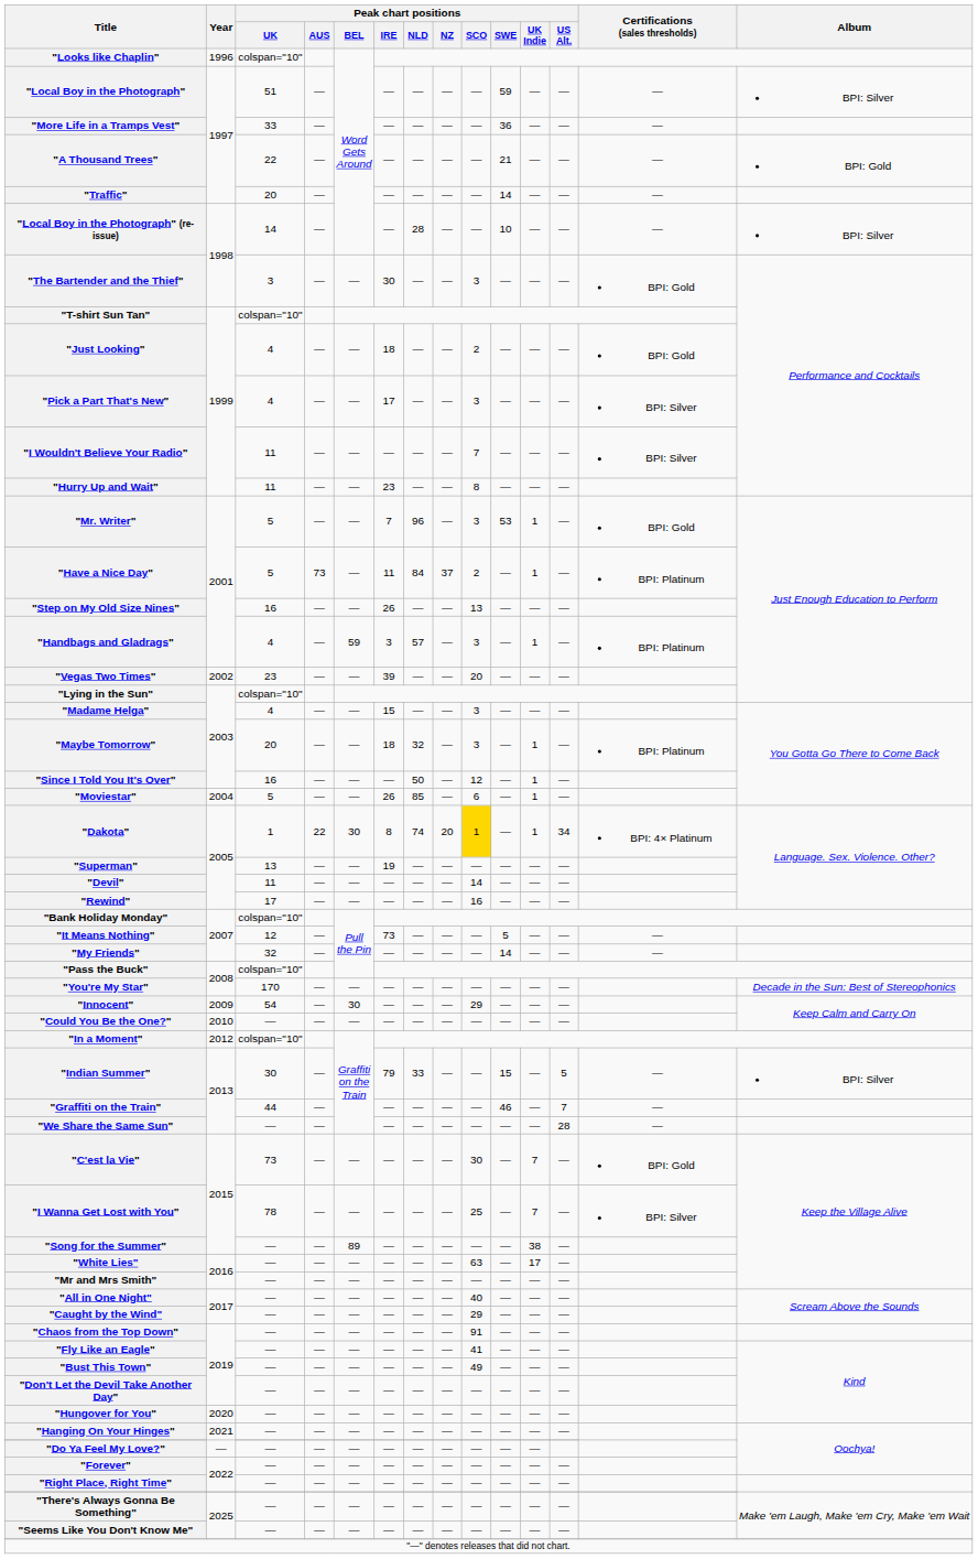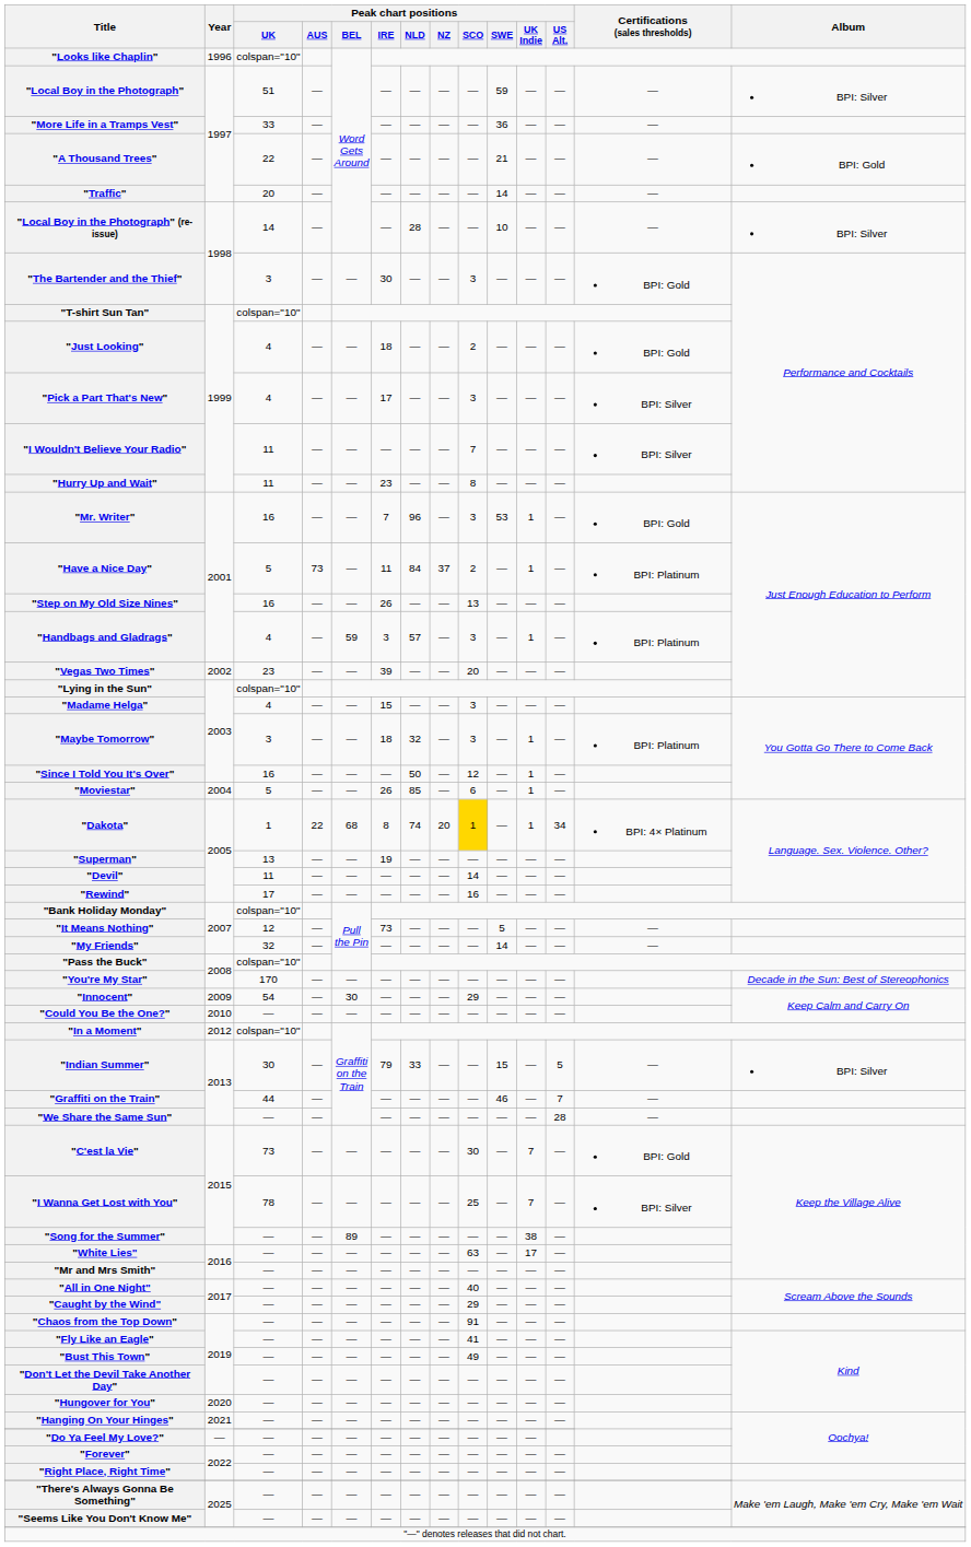 <table class="wikitable plainrowheaders" style="text-align:center;">
 <tr>
 <th scope="col" rowspan="2" style="width:18em;">Title</th>
 <th scope="col" rowspan="2">Year</th>
 <th scope="col" colspan="10">Peak chart positions</th>
 <th scope="col" rowspan="2" style="width:14em;">Certifications<br><small>(sales thresholds)</small></th>
 <th scope="col" rowspan="2">Album</th>
 </tr>
 <tr>
 <th scope="col" style="width:2.5em; font-size:90%;"><a href='#'>UK</a><br></th>
 <th scope="col" style="width:2.5em; font-size:90%;"><a href='#'>AUS</a><br></th>
 <th scope="col" style="width:2.5em; font-size:90%;"><a href='#'>BEL</a><br></th>
 <th scope="col" style="width:2.5em; font-size:90%;"><a href='#'>IRE</a><br></th>
 <th scope="col" style="width:2.5em; font-size:90%;"><a href='#'>NLD</a><br></th>
 <th scope="col" style="width:2.5em; font-size:90%;"><a href='#'>NZ</a><br></th>
 <th scope="col" style="width:2.5em; font-size:90%;"><a href='#'>SCO</a></th>
 <th scope="col" style="width:2.5em; font-size:90%;"><a href='#'>SWE</a><br></th>
 <th scope="col" style="width:2.5em; font-size:90%;"><a href='#'>UK Indie</a></th>
 <th scope="col" style="width:2.5em; font-size:90%;"><a href='#'>US Alt.</a></th>
 </tr>
 <tr>
 <th scope="row">"<a href='#'>Looks like Chaplin</a>"</th>
 <td>1996</td>
 <td>colspan="10" </td>
 <td></td>
 <td rowspan="6"><em><a href='#'>Word Gets Around</a></em></td>
 </tr>
 <tr>
 <th scope="row">"<a href='#'>Local Boy in the Photograph</a>"</th>
 <td rowspan="4">1997</td>
 <td>51</td>
 <td>—</td>
 <td>—</td>
 <td>—</td>
 <td>—</td>
 <td>—</td>
 <td>59</td>
 <td>—</td>
 <td>—</td>
 <td>—</td>
 <td><br><ul><li>BPI: Silver</li></ul></td>
 </tr>
 <tr>
 <th scope="row">"<a href='#'>More Life in a Tramps Vest</a>"</th>
 <td>33</td>
 <td>—</td>
 <td>—</td>
 <td>—</td>
 <td>—</td>
 <td>—</td>
 <td>36</td>
 <td>—</td>
 <td>—</td>
 <td>—</td>
 <td></td>
 </tr>
 <tr>
 <th scope="row">"<a href='#'>A Thousand Trees</a>"</th>
 <td>22</td>
 <td>—</td>
 <td>—</td>
 <td>—</td>
 <td>—</td>
 <td>—</td>
 <td>21</td>
 <td>—</td>
 <td>—</td>
 <td>—</td>
 <td><br><ul><li>BPI: Gold</li></ul></td>
 </tr>
 <tr>
 <th scope="row">"<a href='#'>Traffic</a>"</th>
 <td>20</td>
 <td>—</td>
 <td>—</td>
 <td>—</td>
 <td>—</td>
 <td>—</td>
 <td>14</td>
 <td>—</td>
 <td>—</td>
 <td>—</td>
 </tr>
 <tr>
 <th scope="row">"<a href='#'>Local Boy in the Photograph</a>" <small>(re-issue)</small></th>
 <td rowspan="2">1998</td>
 <td>14</td>
 <td>—</td>
 <td>—</td>
 <td>28</td>
 <td>—</td>
 <td>—</td>
 <td>10</td>
 <td>—</td>
 <td>—</td>
 <td>—</td>
 <td><br><ul><li>BPI: Silver</li></ul></td>
 </tr>
 <tr>
 <th scope="row">"<a href='#'>The Bartender and the Thief</a>"</th>
 <td>3</td>
 <td>—</td>
 <td>—</td>
 <td>30</td>
 <td>—</td>
 <td>—</td>
 <td>3</td>
 <td>—</td>
 <td>—</td>
 <td>—</td>
 <td><br><ul><li>BPI: Gold</li></ul></td>
 <td rowspan="6"><em><a href='#'>Performance and Cocktails</a></em></td>
 </tr>
 <tr>
 <th scope="row">"T-shirt Sun Tan"</th>
 <td rowspan="5">1999</td>
 <td>colspan="10" </td>
 <td></td>
 </tr>
 <tr>
 <th scope="row">"<a href='#'>Just Looking</a>"</th>
 <td>4</td>
 <td>—</td>
 <td>—</td>
 <td>18</td>
 <td>—</td>
 <td>—</td>
 <td>2</td>
 <td>—</td>
 <td>—</td>
 <td>—</td>
 <td><br><ul><li>BPI: Gold</li></ul></td>
 </tr>
 <tr>
 <th scope="row">"<a href='#'>Pick a Part That's New</a>"</th>
 <td>4</td>
 <td>—</td>
 <td>—</td>
 <td>17</td>
 <td>—</td>
 <td>—</td>
 <td>3</td>
 <td>—</td>
 <td>—</td>
 <td>—</td>
 <td><br><ul><li>BPI: Silver</li></ul></td>
 </tr>
 <tr>
 <th scope="row">"<a href='#'>I Wouldn't Believe Your Radio</a>"</th>
 <td>11</td>
 <td>—</td>
 <td>—</td>
 <td>—</td>
 <td>—</td>
 <td>—</td>
 <td>7</td>
 <td>—</td>
 <td>—</td>
 <td>—</td>
 <td><br><ul><li>BPI: Silver</li></ul></td>
 </tr>
 <tr>
 <th scope="row">"<a href='#'>Hurry Up and Wait</a>"</th>
 <td>11</td>
 <td>—</td>
 <td>—</td>
 <td>23</td>
 <td>—</td>
 <td>—</td>
 <td>8</td>
 <td>—</td>
 <td>—</td>
 <td>—</td>
 <td></td>
 </tr>
 <tr>
 <th scope="row">"<a href='#'>Mr. Writer</a>"</th>
 <td rowspan="4">2001</td>
-<td>5</td>
+<td>16</td>
 <td>—</td>
 <td>—</td>
 <td>7</td>
 <td>96</td>
 <td>—</td>
 <td>3</td>
 <td>53</td>
 <td>1</td>
 <td>—</td>
 <td><br><ul><li>BPI: Gold</li></ul></td>
 <td rowspan="6"><em><a href='#'>Just Enough Education to Perform</a></em></td>
 </tr>
 <tr>
 <th scope="row">"<a href='#'>Have a Nice Day</a>"</th>
 <td>5</td>
 <td>73</td>
 <td>—</td>
 <td>11</td>
 <td>84</td>
 <td>37</td>
 <td>2</td>
 <td>—</td>
 <td>1</td>
 <td>—</td>
 <td><br><ul><li>BPI: Platinum</li></ul></td>
 </tr>
 <tr>
 <th scope="row">"<a href='#'>Step on My Old Size Nines</a>"</th>
 <td>16</td>
 <td>—</td>
 <td>—</td>
 <td>26</td>
 <td>—</td>
 <td>—</td>
 <td>13</td>
 <td>—</td>
 <td>—</td>
 <td>—</td>
 <td></td>
 </tr>
 <tr>
 <th scope="row">"<a href='#'>Handbags and Gladrags</a>"</th>
 <td>4</td>
 <td>—</td>
 <td>59</td>
 <td>3</td>
 <td>57</td>
 <td>—</td>
 <td>3<br></td>
 <td>—</td>
 <td>1</td>
 <td>—</td>
 <td><br><ul><li>BPI: Platinum</li></ul></td>
 </tr>
 <tr>
 <th scope="row">"<a href='#'>Vegas Two Times</a>"</th>
 <td>2002</td>
 <td>23</td>
 <td>—</td>
 <td>—</td>
 <td>39</td>
 <td>—</td>
 <td>—</td>
 <td>20</td>
 <td>—</td>
 <td>—</td>
 <td>—</td>
 <td></td>
 </tr>
 <tr>
 <th scope="row">"Lying in the Sun"</th>
 <td rowspan="4">2003</td>
 <td>colspan="10" </td>
 <td></td>
 </tr>
 <tr>
 <th scope="row">"<a href='#'>Madame Helga</a>"</th>
 <td>4</td>
 <td>—</td>
 <td>—</td>
 <td>15</td>
 <td>—</td>
 <td>—</td>
 <td>3</td>
 <td>—</td>
 <td>—</td>
 <td>—</td>
 <td></td>
 <td rowspan="4"><em><a href='#'>You Gotta Go There to Come Back</a></em></td>
 </tr>
 <tr>
 <th scope="row">"<a href='#'>Maybe Tomorrow</a>"</th>
-<td>20</td>
+<td>3</td>
 <td>—</td>
 <td>—</td>
 <td>18</td>
 <td>32</td>
 <td>—</td>
 <td>3</td>
 <td>—</td>
 <td>1</td>
 <td>—</td>
 <td><br><ul><li>BPI: Platinum</li></ul></td>
 </tr>
 <tr>
 <th scope="row">"<a href='#'>Since I Told You It's Over</a>"</th>
 <td>16</td>
 <td>—</td>
 <td>—</td>
 <td>—</td>
 <td>50</td>
 <td>—</td>
 <td>12</td>
 <td>—</td>
 <td>1</td>
 <td>—</td>
 <td></td>
 </tr>
 <tr>
 <th scope="row">"<a href='#'>Moviestar</a>"</th>
 <td>2004</td>
 <td>5</td>
 <td>—</td>
 <td>—</td>
 <td>26</td>
 <td>85</td>
 <td>—</td>
 <td>6</td>
 <td>—</td>
 <td>1</td>
 <td>—</td>
 <td></td>
 </tr>
 <tr>
 <th scope="row">"<a href='#'>Dakota</a>"</th>
 <td rowspan="4">2005</td>
 <td>1</td>
 <td>22</td>
-<td>30</td>
+<td>68</td>
 <td>8</td>
 <td>74</td>
 <td>20</td>
 <td style="background: gold;">1<br></td>
 <td>—</td>
 <td>1</td>
 <td>34</td>
 <td><br><ul><li>BPI: 4× Platinum</li></ul></td>
 <td rowspan="4"><em><a href='#'>Language. Sex. Violence. Other?</a></em></td>
 </tr>
 <tr>
 <th scope="row">"<a href='#'>Superman</a>"</th>
 <td>13</td>
 <td>—</td>
 <td>—</td>
 <td>19</td>
 <td>—</td>
 <td>—</td>
 <td>—</td>
 <td>—</td>
 <td>—</td>
 <td>—</td>
 <td></td>
 </tr>
 <tr>
 <th scope="row">"<a href='#'>Devil</a>"</th>
 <td>11</td>
 <td>—</td>
 <td>—</td>
 <td>—</td>
 <td>—</td>
 <td>—</td>
 <td>14</td>
 <td>—</td>
 <td>—</td>
 <td>—</td>
 <td></td>
 </tr>
 <tr>
 <th scope="row">"<a href='#'>Rewind</a>"</th>
 <td>17</td>
 <td>—</td>
 <td>—</td>
 <td>—</td>
 <td>—</td>
 <td>—</td>
 <td>16</td>
 <td>—</td>
 <td>—</td>
 <td>—</td>
 <td></td>
 </tr>
 <tr>
 <th scope="row">"Bank Holiday Monday"</th>
 <td rowspan="3">2007</td>
 <td>colspan="10" </td>
 <td></td>
 <td rowspan="4"><em><a href='#'>Pull the Pin</a></em></td>
 </tr>
 <tr>
 <th scope="row">"<a href='#'>It Means Nothing</a>"</th>
 <td>12</td>
 <td>—</td>
 <td>73</td>
 <td>—</td>
 <td>—</td>
 <td>—</td>
 <td>5</td>
 <td>—</td>
 <td>—</td>
 <td>—</td>
 <td></td>
 </tr>
 <tr>
 <th scope="row">"<a href='#'>My Friends</a>"</th>
 <td>32</td>
 <td>—</td>
 <td>—</td>
 <td>—</td>
 <td>—</td>
 <td>—</td>
 <td>14</td>
 <td>—</td>
 <td>—</td>
 <td>—</td>
 <td></td>
 </tr>
 <tr>
 <th scope="row">"Pass the Buck"</th>
 <td rowspan="2">2008</td>
 <td>colspan="10" </td>
 </tr>
 <tr>
 <th scope="row">"<a href='#'>You're My Star</a>"</th>
 <td>170</td>
 <td>—</td>
 <td>—</td>
 <td>—</td>
 <td>—</td>
 <td>—</td>
 <td>—</td>
 <td>—</td>
 <td>—</td>
 <td>—</td>
 <td></td>
 <td><em><a href='#'>Decade in the Sun: Best of Stereophonics</a></em></td>
 </tr>
 <tr>
 <th scope="row">"<a href='#'>Innocent</a>"</th>
 <td>2009</td>
 <td>54</td>
 <td>—</td>
 <td>30</td>
 <td>—</td>
 <td>—</td>
 <td>—</td>
 <td>29</td>
 <td>—</td>
 <td>—</td>
 <td>—</td>
 <td></td>
 <td rowspan="2"><em><a href='#'>Keep Calm and Carry On</a></em></td>
 </tr>
 <tr>
 <th scope="row">"<a href='#'>Could You Be the One?</a>"</th>
 <td>2010</td>
 <td>—</td>
 <td>—</td>
 <td>—</td>
 <td>—</td>
 <td>—</td>
 <td>—</td>
 <td>—</td>
 <td>—</td>
 <td>—</td>
 <td>—</td>
 <td></td>
 </tr>
 <tr>
 <th scope="row">"<a href='#'>In a Moment</a>"</th>
 <td>2012</td>
 <td>colspan="10" </td>
 <td></td>
 <td rowspan="4"><em><a href='#'>Graffiti on the Train</a></em></td>
 </tr>
 <tr>
 <th scope="row">"<a href='#'>Indian Summer</a>"</th>
 <td rowspan="3">2013</td>
 <td>30</td>
 <td>—</td>
 <td>79</td>
 <td>33</td>
 <td>—</td>
 <td>—</td>
 <td>15<br></td>
 <td>—</td>
 <td>5<br></td>
 <td>—</td>
 <td><br><ul><li>BPI: Silver</li></ul></td>
 </tr>
 <tr>
 <th scope="row">"<a href='#'>Graffiti on the Train</a>"</th>
 <td>44</td>
 <td>—</td>
 <td>—</td>
 <td>—</td>
 <td>—</td>
 <td>—</td>
 <td>46<br></td>
 <td>—</td>
 <td>7<br></td>
 <td>—</td>
 <td></td>
 </tr>
 <tr>
 <th scope="row">"<a href='#'>We Share the Same Sun</a>"</th>
 <td>—</td>
 <td>—</td>
 <td>—</td>
 <td>—</td>
 <td>—</td>
 <td>—</td>
 <td>—</td>
 <td>—</td>
 <td>28<br></td>
 <td>—</td>
 <td></td>
 </tr>
 <tr>
 <th scope="row">"<a href='#'>C'est la Vie</a>"</th>
 <td rowspan="3">2015</td>
 <td>73</td>
 <td>—</td>
 <td>—</td>
 <td>—</td>
 <td>—</td>
 <td>—</td>
 <td>30<br></td>
 <td>—</td>
 <td>7<br></td>
 <td>—</td>
 <td><br><ul><li>BPI: Gold</li></ul></td>
 <td rowspan="5"><em><a href='#'>Keep the Village Alive</a></em></td>
 </tr>
 <tr>
 <th scope="row">"<a href='#'>I Wanna Get Lost with You</a>"</th>
 <td>78</td>
 <td>—</td>
 <td>—</td>
 <td>—</td>
 <td>—</td>
 <td>—</td>
 <td>25<br></td>
 <td>—</td>
 <td>7<br></td>
 <td>—</td>
 <td><br><ul><li>BPI: Silver</li></ul></td>
 </tr>
 <tr>
 <th scope="row">"<a href='#'>Song for the Summer</a>"</th>
 <td>—</td>
 <td>—</td>
 <td>89</td>
 <td>—</td>
 <td>—</td>
 <td>—</td>
 <td>—</td>
 <td>—</td>
 <td>38<br></td>
 <td>—</td>
 <td></td>
 </tr>
 <tr>
 <th scope="row">"<a href='#'>White Lies"</a></th>
 <td rowspan="2">2016</td>
 <td>—</td>
 <td>—</td>
 <td>—</td>
 <td>—</td>
 <td>—</td>
 <td>—</td>
 <td>63<br></td>
 <td>—</td>
 <td>17<br></td>
 <td>—</td>
 <td></td>
 </tr>
 <tr>
 <th scope="row">"Mr and Mrs Smith"</th>
 <td>—</td>
 <td>—</td>
 <td>—</td>
 <td>—</td>
 <td>—</td>
 <td>—</td>
 <td>—</td>
 <td>—</td>
 <td>—</td>
 <td>—</td>
 <td></td>
 </tr>
 <tr>
 <th scope="row">"<a href='#'>All in One Night"</a></th>
 <td rowspan="2">2017</td>
 <td>—</td>
 <td>—</td>
 <td>—</td>
 <td>—</td>
 <td>—</td>
 <td>—</td>
 <td>40<br></td>
 <td>—</td>
 <td>—</td>
 <td>—</td>
 <td></td>
 <td rowspan="2"><em><a href='#'>Scream Above the Sounds</a></em></td>
 </tr>
 <tr>
 <th scope="row">"<a href='#'>Caught by the Wind"</a></th>
 <td>—</td>
 <td>—</td>
 <td>—</td>
 <td>—</td>
 <td>—</td>
 <td>—</td>
 <td>29<br></td>
 <td>—</td>
 <td>—</td>
 <td>—</td>
 <td></td>
 </tr>
 <tr>
 <th scope="row">"<a href='#'>Chaos from the Top Down</a>"</th>
 <td rowspan="4">2019</td>
 <td>—</td>
 <td>—</td>
 <td>—</td>
 <td>—</td>
 <td>—</td>
 <td>—</td>
 <td>91<br></td>
 <td>—</td>
 <td>—</td>
 <td>—</td>
 <td></td>
 <td></td>
 </tr>
 <tr>
 <th scope="row">"<a href='#'>Fly Like an Eagle</a>"</th>
 <td>—</td>
 <td>—</td>
 <td>—</td>
 <td>—</td>
 <td>—</td>
 <td>—</td>
 <td>41<br></td>
 <td>—</td>
 <td>—</td>
 <td>—</td>
 <td></td>
 <td rowspan="4"><em><a href='#'>Kind</a></em></td>
 </tr>
 <tr>
 <th scope="row">"<a href='#'>Bust This Town</a>"</th>
 <td>—</td>
 <td>—</td>
 <td>—</td>
 <td>—</td>
 <td>—</td>
 <td>—</td>
 <td>49<br></td>
 <td>—</td>
 <td>—</td>
 <td>—</td>
 <td></td>
 </tr>
 <tr>
 <th scope="row">"<a href='#'>Don't Let the Devil Take Another Day</a>"</th>
 <td>—</td>
 <td>—</td>
 <td>—</td>
 <td>—</td>
 <td>—</td>
 <td>—</td>
 <td>—</td>
 <td>—</td>
 <td>—</td>
 <td>—</td>
 <td></td>
 </tr>
 <tr>
 <th scope="row">"<a href='#'>Hungover for You</a>"</th>
 <td>2020</td>
 <td>—</td>
 <td>—</td>
 <td>—</td>
 <td>—</td>
 <td>—</td>
 <td>—</td>
 <td>—</td>
 <td>—</td>
 <td>—</td>
 <td>—</td>
 <td></td>
 </tr>
 <tr>
 <th scope="row">"<a href='#'>Hanging On Your Hinges</a>"</th>
 <td rowspan="2">2021</td>
 <td>—</td>
 <td>—</td>
 <td>—</td>
 <td>—</td>
 <td>—</td>
 <td>—</td>
 <td>—</td>
 <td>—</td>
 <td>—</td>
 <td>—</td>
 <td></td>
 <td rowspan="4"><em><a href='#'>Oochya!</a></em></td>
 </tr>
 <tr>
 </tr>
 <tr>
 <th scope="row">"<a href='#'>Do Ya Feel My Love?</a>"</th>
 <td>—</td>
 <td>—</td>
 <td>—</td>
 <td>—</td>
 <td>—</td>
 <td>—</td>
 <td>—</td>
 <td>—</td>
 <td>—</td>
 <td>—</td>
 <td></td>
 </tr>
 <tr>
 <th scope="row">"<a href='#'>Forever</a>"</th>
 <td rowspan="2">2022</td>
 <td>—</td>
 <td>—</td>
 <td>—</td>
 <td>—</td>
 <td>—</td>
 <td>—</td>
 <td>—</td>
 <td>—</td>
 <td>—</td>
 <td>—</td>
 <td></td>
 </tr>
 <tr>
 <th scope="row">"<a href='#'>Right Place, Right Time</a>"</th>
 <td>—</td>
 <td>—</td>
 <td>—</td>
 <td>—</td>
 <td>—</td>
 <td>—</td>
 <td>—</td>
 <td>—</td>
 <td>—</td>
 <td>—</td>
 <td></td>
 </tr>
 <tr>
 </tr>
 <tr>
 <th scope="row">"There's Always Gonna Be Something"</th>
 <td rowspan="2">2025</td>
 <td>—</td>
 <td>—</td>
 <td>—</td>
 <td>—</td>
 <td>—</td>
 <td>—</td>
 <td>—</td>
 <td>—</td>
 <td>—</td>
 <td>—</td>
 <td></td>
 <td rowspan="2"><em>Make 'em Laugh, Make 'em Cry, Make 'em Wait</em></td>
 </tr>
 <tr>
 <th scope="row">"Seems Like You Don't Know Me"</th>
 <td>—</td>
 <td>—</td>
 <td>—</td>
 <td>—</td>
 <td>—</td>
 <td>—</td>
 <td>—</td>
 <td>—</td>
 <td>—</td>
 <td>—</td>
 <td></td>
 </tr>
 <tr>
 </tr>
 <tr>
 <td colspan="26" style="text-align:center; font-size:85%;">"—" denotes releases that did not chart.</td>
 </tr>
 </table>
